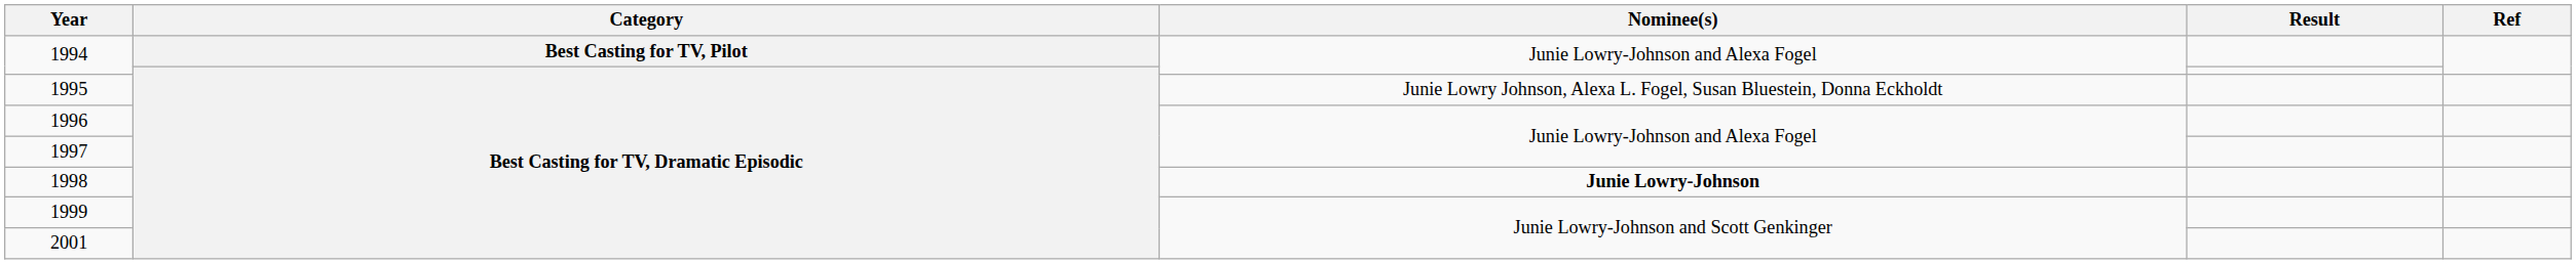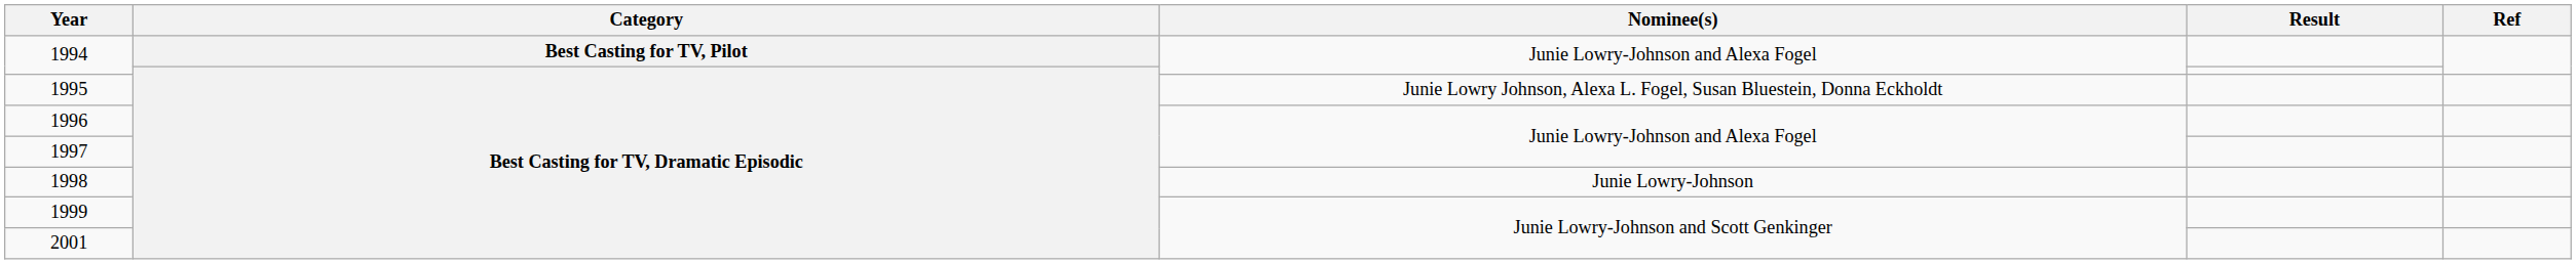 <table class="wikitable plainrowheaders" style="font-size: 90%; text-align:center" width=100%>
 <tr>
 <th scope="col" width="5%">Year</th>
 <th scope="col" width="40%">Category</th>
 <th scope="col" width="40%">Nominee(s)</th>
 <th scope="col" width="10%">Result</th>
 <th scope="col" width="5%">Ref</th>
 </tr>
 <tr>
 <td rowspan="2">1994</td>
 <th scope="row" style="text-align:center">Best Casting for TV, Pilot</th>
 <td rowspan="2">Junie Lowry-Johnson and Alexa Fogel</td>
 <td></td>
 <td rowspan="2"></td>
 </tr>
 <tr>
 <th scope="row" style="text-align:center" rowspan="7">Best Casting for TV, Dramatic Episodic</th>
 <td></td>
 </tr>
 <tr>
 <td>1995</td>
 <td>Junie Lowry Johnson, Alexa L. Fogel, Susan Bluestein, Donna Eckholdt</td>
 <td></td>
 <td></td>
 </tr>
 <tr>
 <td>1996</td>
 <td rowspan="2">Junie Lowry-Johnson and Alexa Fogel</td>
 <td></td>
 <td></td>
 </tr>
 <tr>
 <td>1997</td>
 <td></td>
 <td></td>
 </tr>
 <tr>
 <td>1998</td>
-<td><strong>Junie Lowry-Johnson</strong></td>
+<td>Junie Lowry-Johnson</td>
 <td></td>
 <td></td>
 </tr>
 <tr>
 <td>1999</td>
 <td rowspan="2">Junie Lowry-Johnson and Scott Genkinger</td>
 <td></td>
 <td></td>
 </tr>
 <tr>
 <td>2001</td>
 <td></td>
 <td></td>
 </tr>
 </table>
